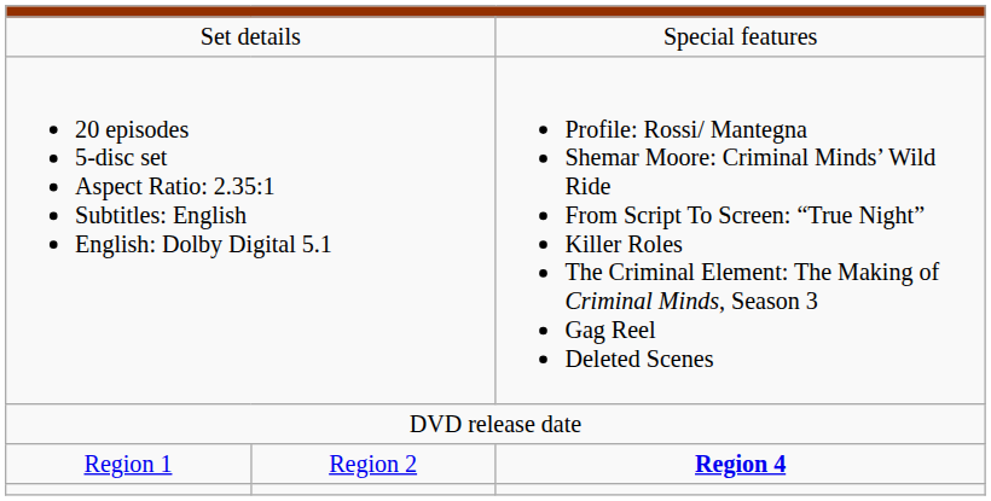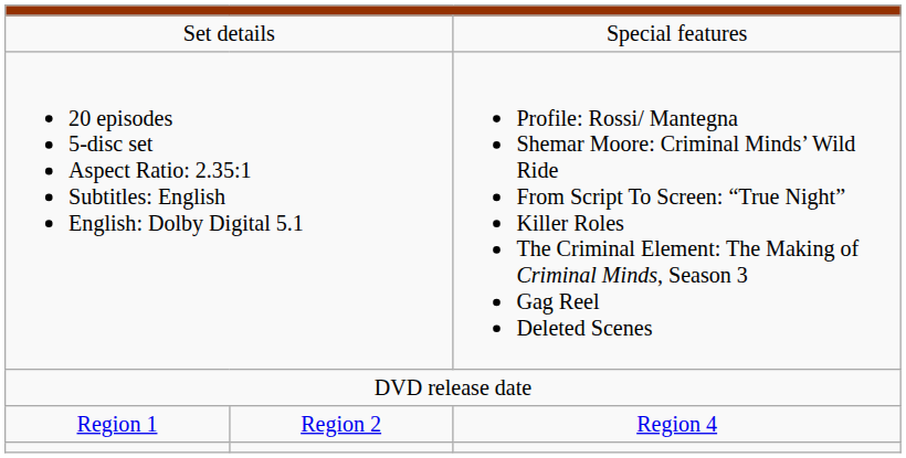 <table class="wikitable" style="font-size: 95%;">
 <tr style="background:#943100">
 <td colspan="4" style="text-align:center;"></td>
 </tr>
 <tr style="text-align:center;">
 <td style="width:300px;" colspan="2">Set details</td>
 <td style="width:300px;" colspan="2">Special features</td>
 </tr>
 <tr valign="top">
 <td colspan="2"  style="text-align:left; width:300px;"><br><ul><li>20 episodes</li><li>5-disc set</li><li>Aspect Ratio: 2.35:1</li><li>Subtitles: English</li><li>English: Dolby Digital 5.1</li></ul></td>
 <td colspan="3" style="text-align:left; width:300px;"><br><ul><li>Profile: Rossi/ Mantegna</li><li>Shemar Moore: Criminal Minds’ Wild Ride</li><li>From Script To Screen: “True Night”</li><li>Killer Roles</li><li>The Criminal Element: The Making of <em>Criminal Minds</em>, Season 3</li><li>Gag Reel</li><li>Deleted Scenes</li></ul></td>
 </tr>
 <tr>
 <td colspan="3" style="text-align:center;">DVD release date</td>
 </tr>
 <tr style="text-align:center;">
 <td><a href='#'>Region 1</a></td>
 <td><a href='#'>Region 2</a></td>
-<td><strong><a href='#'>Region 4</a></strong></td>
+<td><a href='#'>Region 4</a></td>
 </tr>
 <tr style="text-align:center;">
 <td></td>
 <td></td>
 <td></td>
 </tr>
 </table>
